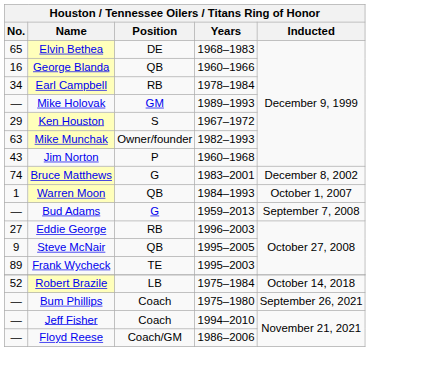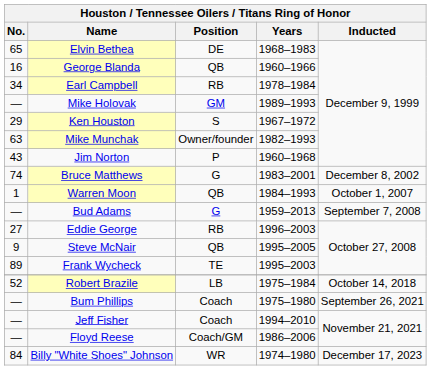 <table class="wikitable" style="text-align: center;">
 <tr>
 <th colspan="5">Houston / Tennessee Oilers / Titans Ring of Honor</th>
 </tr>
 <tr>
 <th>No.</th>
 <th>Name</th>
 <th>Position</th>
 <th>Years</th>
 <th>Inducted</th>
 </tr>
 <tr>
 <td>65</td>
 <td style="background:#ffb"><a href='#'>Elvin Bethea</a></td>
 <td>DE</td>
 <td>1968–1983</td>
 <td rowspan=7>December 9, 1999</td>
 </tr>
 <tr>
 <td>16</td>
 <td style="background:#ffb"><a href='#'>George Blanda</a></td>
 <td>QB</td>
 <td>1960–1966</td>
 </tr>
 <tr>
 <td>34</td>
 <td style="background:#ffb"><a href='#'>Earl Campbell</a></td>
 <td>RB</td>
 <td>1978–1984</td>
 </tr>
 <tr>
 <td>—</td>
 <td><a href='#'>Mike Holovak</a></td>
 <td><a href='#'>GM</a></td>
 <td>1989–1993</td>
 </tr>
 <tr>
 <td>29</td>
 <td style="background:#ffb"><a href='#'>Ken Houston</a></td>
 <td>S</td>
 <td>1967–1972</td>
 </tr>
 <tr>
 <td>63</td>
 <td style="background:#ffb"><a href='#'>Mike Munchak</a></td>
 <td>Owner/founder</td>
 <td>1982–1993</td>
 </tr>
 <tr>
 <td>43</td>
 <td><a href='#'>Jim Norton</a></td>
 <td>P</td>
 <td>1960–1968</td>
 </tr>
 <tr>
 <td>74</td>
 <td style="background:#ffb"><a href='#'>Bruce Matthews</a></td>
 <td>G</td>
 <td>1983–2001</td>
 <td>December 8, 2002</td>
 </tr>
 <tr>
 <td>1</td>
 <td style="background:#ffb"><a href='#'>Warren Moon</a></td>
 <td>QB</td>
 <td>1984–1993</td>
 <td>October 1, 2007</td>
 </tr>
 <tr>
 <td>—</td>
 <td><a href='#'>Bud Adams</a></td>
 <td><a href='#'>G</a></td>
 <td>1959–2013</td>
 <td>September 7, 2008</td>
 </tr>
 <tr>
 <td>27</td>
 <td><a href='#'>Eddie George</a></td>
 <td>RB</td>
 <td>1996–2003</td>
 <td rowspan=3>October 27, 2008</td>
 </tr>
 <tr>
 <td>9</td>
 <td><a href='#'>Steve McNair</a></td>
 <td>QB</td>
 <td>1995–2005</td>
 </tr>
 <tr>
 <td>89</td>
 <td><a href='#'>Frank Wycheck</a></td>
 <td>TE</td>
 <td>1995–2003</td>
 </tr>
 <tr>
 </tr>
 <tr>
 <td>52</td>
 <td style="background:#ffb"><a href='#'>Robert Brazile</a></td>
 <td>LB</td>
 <td>1975–1984</td>
 <td>October 14, 2018</td>
 </tr>
 <tr>
 <td>—</td>
 <td><a href='#'>Bum Phillips</a></td>
 <td>Coach</td>
 <td>1975–1980</td>
 <td>September 26, 2021</td>
 </tr>
 <tr>
 <td>—</td>
 <td><a href='#'>Jeff Fisher</a></td>
 <td>Coach</td>
 <td>1994–2010</td>
 <td rowspan=2>November 21, 2021</td>
 </tr>
 <tr>
 <td>—</td>
 <td><a href='#'>Floyd Reese</a></td>
 <td>Coach/GM</td>
 <td>1986–2006</td>
 </tr>
+<tr>
+<td>84</td>
+<td><a href='#'>Billy "White Shoes" Johnson</a></td>
+<td>WR</td>
+<td>1974–1980</td>
+<td>December 17, 2023</td>
+</tr>
 </table>
